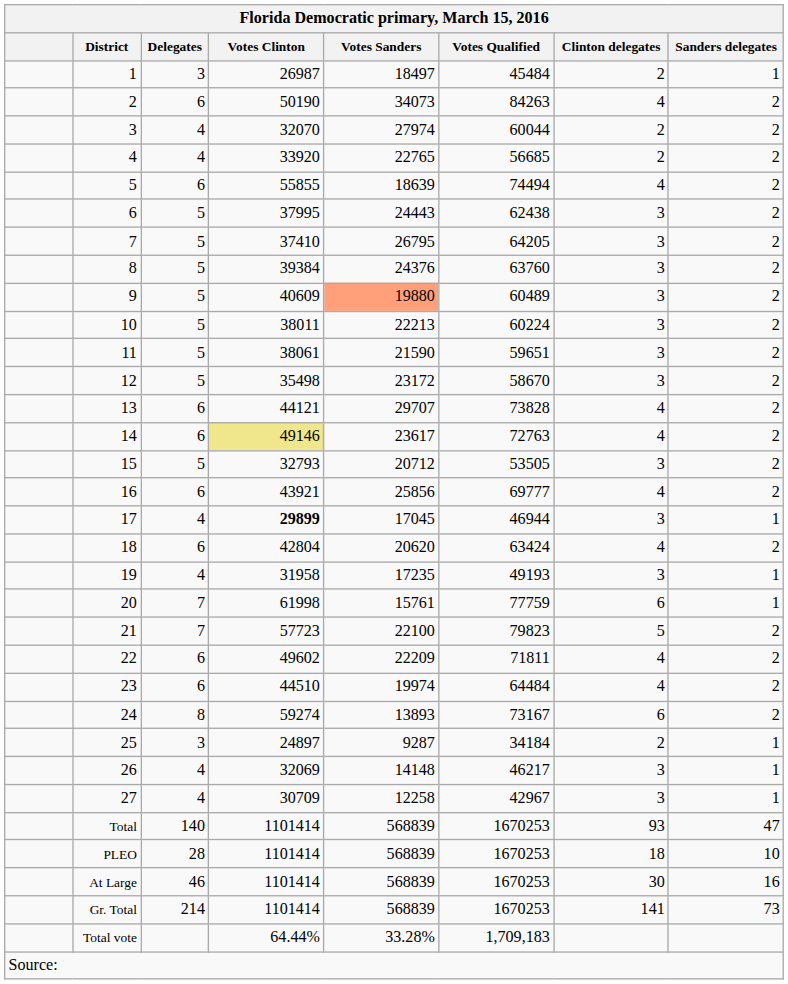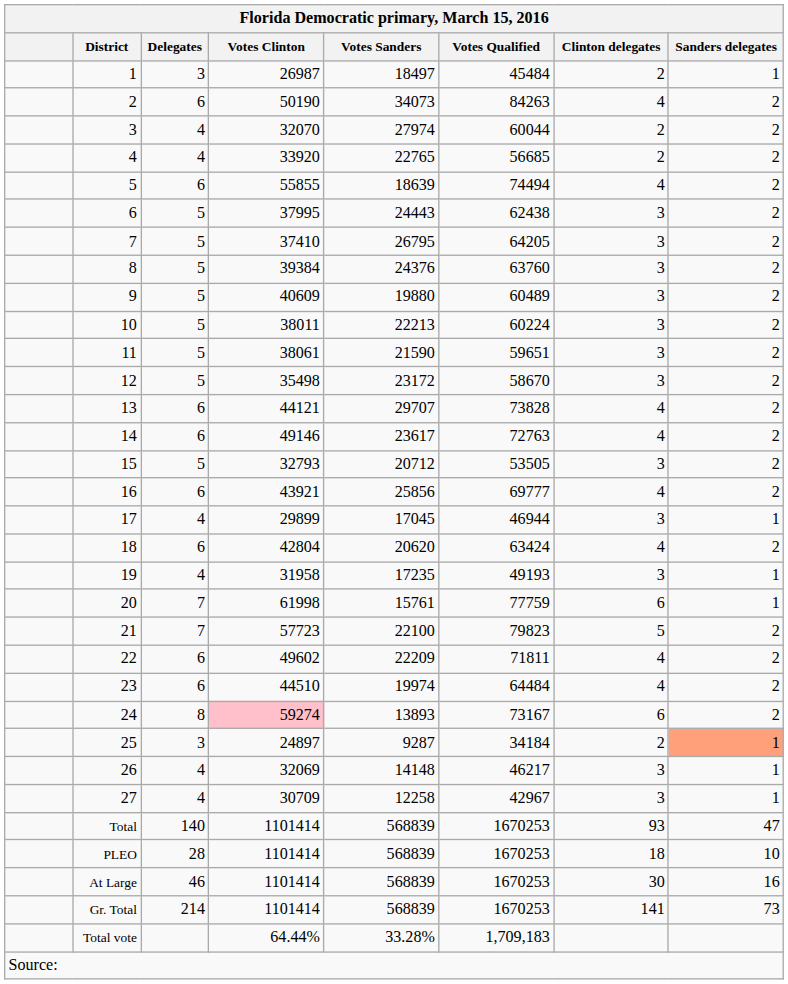 <table class="wikitable collapsible" cellpadding="5" style="text-align:right; font-size:12px;">
 <tr>
 <th colspan="8">Florida Democratic primary, March 15, 2016</th>
 </tr>
 <tr>
 <th style="width:45px;"></th>
 <th style="width:45px;"><small>District</small></th>
 <th style="width:45px;"><small>Delegates</small></th>
 <th style="width:80px;"><small>Votes Clinton</small></th>
 <th style="width:80px;"><small>Votes Sanders</small></th>
 <th style="width:80px;"><small>Votes Qualified</small></th>
 <th style="width:80px;"><small>Clinton delegates</small></th>
 <th style="width:80px;"><small>Sanders delegates</small></th>
 </tr>
 <tr>
 <td style="text-align:left;"></td>
 <td>1</td>
 <td>3</td>
 <td>26987</td>
 <td>18497</td>
 <td>45484</td>
 <td>2</td>
 <td>1</td>
 </tr>
 <tr>
 <td style="text-align:left;"></td>
 <td>2</td>
 <td>6</td>
 <td>50190</td>
 <td>34073</td>
 <td>84263</td>
 <td>4</td>
 <td>2</td>
 </tr>
 <tr>
 <td style="text-align:left;"></td>
 <td>3</td>
 <td>4</td>
 <td>32070</td>
 <td>27974</td>
 <td>60044</td>
 <td>2</td>
 <td>2</td>
 </tr>
 <tr>
 <td style="text-align:left;"></td>
 <td>4</td>
 <td>4</td>
 <td>33920</td>
 <td>22765</td>
 <td>56685</td>
 <td>2</td>
 <td>2</td>
 </tr>
 <tr>
 <td style="text-align:left;"></td>
 <td>5</td>
 <td>6</td>
 <td>55855</td>
 <td>18639</td>
 <td>74494</td>
 <td>4</td>
 <td>2</td>
 </tr>
 <tr>
 <td style="text-align:left;"></td>
 <td>6</td>
 <td>5</td>
 <td>37995</td>
 <td>24443</td>
 <td>62438</td>
 <td>3</td>
 <td>2</td>
 </tr>
 <tr>
 <td style="text-align:left;"></td>
 <td>7</td>
 <td>5</td>
 <td>37410</td>
 <td>26795</td>
 <td>64205</td>
 <td>3</td>
 <td>2</td>
 </tr>
 <tr>
 <td style="text-align:left;"></td>
 <td>8</td>
 <td>5</td>
 <td>39384</td>
 <td>24376</td>
 <td>63760</td>
 <td>3</td>
 <td>2</td>
 </tr>
 <tr>
 <td style="text-align:left;"></td>
 <td>9</td>
 <td>5</td>
 <td>40609</td>
-<td style="background: lightsalmon;">19880</td>
+<td>19880</td>
 <td>60489</td>
 <td>3</td>
 <td>2</td>
 </tr>
 <tr>
 <td style="text-align:left;"></td>
 <td>10</td>
 <td>5</td>
 <td>38011</td>
 <td>22213</td>
 <td>60224</td>
 <td>3</td>
 <td>2</td>
 </tr>
 <tr>
 <td style="text-align:left;"></td>
 <td>11</td>
 <td>5</td>
 <td>38061</td>
 <td>21590</td>
 <td>59651</td>
 <td>3</td>
 <td>2</td>
 </tr>
 <tr>
 <td style="text-align:left;"></td>
 <td>12</td>
 <td>5</td>
 <td>35498</td>
 <td>23172</td>
 <td>58670</td>
 <td>3</td>
 <td>2</td>
 </tr>
 <tr>
 <td style="text-align:left;"></td>
 <td>13</td>
 <td>6</td>
 <td>44121</td>
 <td>29707</td>
 <td>73828</td>
 <td>4</td>
 <td>2</td>
 </tr>
 <tr>
 <td style="text-align:left;"></td>
 <td>14</td>
 <td>6</td>
-<td style="background: khaki;">49146</td>
+<td>49146</td>
 <td>23617</td>
 <td>72763</td>
 <td>4</td>
 <td>2</td>
 </tr>
 <tr>
 <td style="text-align:left;"></td>
 <td>15</td>
 <td>5</td>
 <td>32793</td>
 <td>20712</td>
 <td>53505</td>
 <td>3</td>
 <td>2</td>
 </tr>
 <tr>
 <td style="text-align:left;"></td>
 <td>16</td>
 <td>6</td>
 <td>43921</td>
 <td>25856</td>
 <td>69777</td>
 <td>4</td>
 <td>2</td>
 </tr>
 <tr>
 <td style="text-align:left;"></td>
 <td>17</td>
 <td>4</td>
-<td><strong>29899</strong></td>
+<td>29899</td>
 <td>17045</td>
 <td>46944</td>
 <td>3</td>
 <td>1</td>
 </tr>
 <tr>
 <td style="text-align:left;"></td>
 <td>18</td>
 <td>6</td>
 <td>42804</td>
 <td>20620</td>
 <td>63424</td>
 <td>4</td>
 <td>2</td>
 </tr>
 <tr>
 <td style="text-align:left;"></td>
 <td>19</td>
 <td>4</td>
 <td>31958</td>
 <td>17235</td>
 <td>49193</td>
 <td>3</td>
 <td>1</td>
 </tr>
 <tr>
 <td style="text-align:left;"></td>
 <td>20</td>
 <td>7</td>
 <td>61998</td>
 <td>15761</td>
 <td>77759</td>
 <td>6</td>
 <td>1</td>
 </tr>
 <tr>
 <td style="text-align:left;"></td>
 <td>21</td>
 <td>7</td>
 <td>57723</td>
 <td>22100</td>
 <td>79823</td>
 <td>5</td>
 <td>2</td>
 </tr>
 <tr>
 <td style="text-align:left;"></td>
 <td>22</td>
 <td>6</td>
 <td>49602</td>
 <td>22209</td>
 <td>71811</td>
 <td>4</td>
 <td>2</td>
 </tr>
 <tr>
 <td style="text-align:left;"></td>
 <td>23</td>
 <td>6</td>
 <td>44510</td>
 <td>19974</td>
 <td>64484</td>
 <td>4</td>
 <td>2</td>
 </tr>
 <tr>
 <td style="text-align:left;"></td>
 <td>24</td>
 <td>8</td>
-<td>59274</td>
+<td style="background: pink;">59274</td>
 <td>13893</td>
 <td>73167</td>
 <td>6</td>
 <td>2</td>
 </tr>
 <tr>
 <td style="text-align:left;"></td>
 <td>25</td>
 <td>3</td>
 <td>24897</td>
 <td>9287</td>
 <td>34184</td>
 <td>2</td>
-<td>1</td>
+<td style="background: lightsalmon;">1</td>
 </tr>
 <tr>
 <td style="text-align:left;"></td>
 <td>26</td>
 <td>4</td>
 <td>32069</td>
 <td>14148</td>
 <td>46217</td>
 <td>3</td>
 <td>1</td>
 </tr>
 <tr>
 <td style="text-align:left;"></td>
 <td>27</td>
 <td>4</td>
 <td>30709</td>
 <td>12258</td>
 <td>42967</td>
 <td>3</td>
 <td>1</td>
 </tr>
 <tr>
 <td style="text-align:left;"></td>
 <td><small>Total</small></td>
 <td>140</td>
 <td>1101414</td>
 <td>568839</td>
 <td>1670253</td>
 <td>93</td>
 <td>47</td>
 </tr>
 <tr>
 <td style="text-align:left;"></td>
 <td><small>PLEO</small></td>
 <td>28</td>
 <td>1101414</td>
 <td>568839</td>
 <td>1670253</td>
 <td>18</td>
 <td>10</td>
 </tr>
 <tr>
 <td style="text-align:left;"></td>
 <td><small>At Large</small></td>
 <td>46</td>
 <td>1101414</td>
 <td>568839</td>
 <td>1670253</td>
 <td>30</td>
 <td>16</td>
 </tr>
 <tr>
 <td style="text-align:left;"></td>
 <td><small>Gr. Total</small></td>
 <td>214</td>
 <td>1101414</td>
 <td>568839</td>
 <td>1670253</td>
 <td>141</td>
 <td>73</td>
 </tr>
 <tr>
 <td style="text-align:left;"></td>
 <td><small>Total vote</small></td>
 <td></td>
 <td>64.44%</td>
 <td>33.28%</td>
 <td>1,709,183</td>
 <td></td>
 <td></td>
 </tr>
 <tr>
 <td colspan="8" style="text-align:left;">Source: <em></em></td>
 </tr>
 </table>
